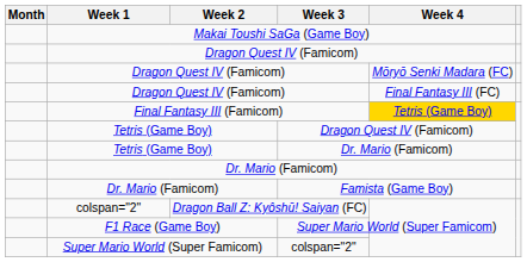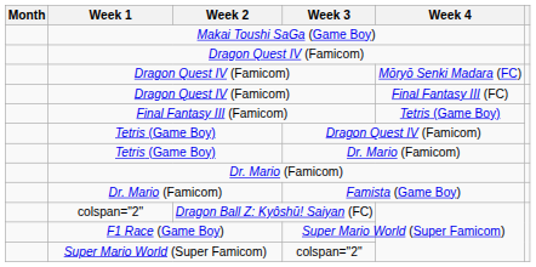 <table class="wikitable sortable" style="text-align:center">
 <tr>
 <th>Month</th>
 <th>Week 1</th>
 <th>Week 2</th>
 <th>Week 3</th>
 <th>Week 4</th>
 <th class="unsortable"></th>
 </tr>
 <tr>
 <td></td>
 <td colspan="4"><em><a href='#'>Makai Toushi SaGa</a></em> (<a href='#'>Game Boy</a>)</td>
 <td></td>
 </tr>
 <tr>
 <td></td>
 <td colspan="4"><em><a href='#'>Dragon Quest IV</a></em> (Famicom)</td>
 <td></td>
 </tr>
 <tr>
 <td></td>
 <td colspan="3"><em><a href='#'>Dragon Quest IV</a></em> (Famicom)</td>
 <td><em><a href='#'>Mōryō Senki Madara</a></em> (<a href='#'>FC</a>)</td>
 <td></td>
 </tr>
 <tr>
 <td></td>
 <td colspan="3"><em><a href='#'>Dragon Quest IV</a></em> (Famicom)</td>
 <td><em><a href='#'>Final Fantasy III</a></em> (FC)</td>
 <td></td>
 </tr>
 <tr>
 <td></td>
 <td colspan="3"><em><a href='#'>Final Fantasy III</a></em> (Famicom)</td>
-<td style="background: gold;"><a href='#'><em>Tetris</em> (Game Boy)</a></td>
+<td><a href='#'><em>Tetris</em> (Game Boy)</a></td>
 <td rowspan="2"></td>
 </tr>
 <tr>
 <td></td>
 <td colspan="2"><a href='#'><em>Tetris</em> (Game Boy)</a></td>
 <td colspan="2"><em><a href='#'>Dragon Quest IV</a></em> (Famicom)</td>
 </tr>
 <tr>
 <td></td>
 <td colspan="2"><a href='#'><em>Tetris</em> (Game Boy)</a></td>
 <td colspan="2"><em><a href='#'>Dr. Mario</a></em> (Famicom)</td>
 <td></td>
 </tr>
 <tr>
 <td></td>
 <td colspan="4"><em><a href='#'>Dr. Mario</a></em> (Famicom)</td>
 <td></td>
 </tr>
 <tr>
 <td></td>
 <td colspan="2"><em><a href='#'>Dr. Mario</a></em> (Famicom)</td>
 <td colspan="2"><em><a href='#'>Famista</a></em> (<a href='#'>Game Boy</a>)</td>
 <td></td>
 </tr>
 <tr>
 <td></td>
 <td>colspan="2" </td>
 <td colspan="2"><em><a href='#'>Dragon Ball Z: Kyôshū! Saiyan</a></em> (FC)</td>
 <td rowspan="3"></td>
 </tr>
 <tr>
 <td></td>
 <td colspan="2"><em><a href='#'>F1 Race</a></em> (<a href='#'>Game Boy</a>)</td>
 <td colspan="2"><em><a href='#'>Super Mario World</a></em> (<a href='#'>Super Famicom</a>)</td>
 </tr>
 <tr>
 <td></td>
 <td colspan="2"><em><a href='#'>Super Mario World</a></em> (Super Famicom)</td>
 <td>colspan="2" </td>
 </tr>
 </table>
